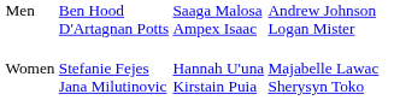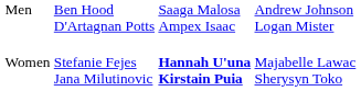 <table>
 <tr>
 <td>Men<br></td>
 <td><br><a href='#'>Ben Hood</a><br><a href='#'>D'Artagnan Potts</a></td>
 <td><br><a href='#'>Saaga Malosa</a><br><a href='#'>Ampex Isaac</a></td>
 <td><br><a href='#'>Andrew Johnson</a><br><a href='#'>Logan Mister</a></td>
 </tr>
 <tr>
 <td>Women<br></td>
 <td><br><a href='#'>Stefanie Fejes</a><br><a href='#'>Jana Milutinovic</a></td>
-<td><br><a href='#'>Hannah U'una</a><br><a href='#'>Kirstain Puia</a></td>
+<td><strong><br><a href='#'>Hannah U'una</a><br><a href='#'>Kirstain Puia</a></strong></td>
 <td><br><a href='#'>Majabelle Lawac</a><br><a href='#'>Sherysyn Toko</a></td>
 </tr>
 </table>
